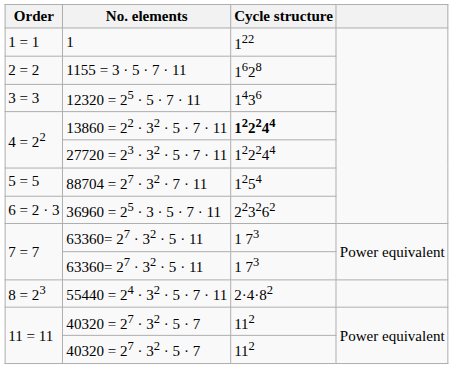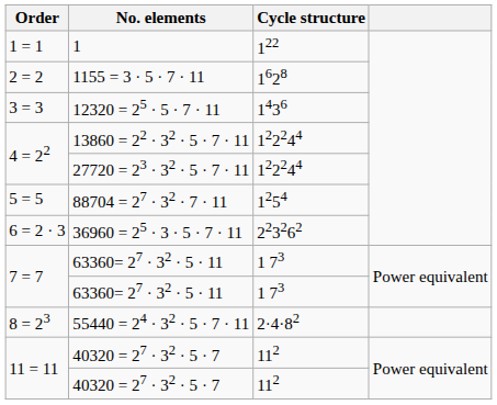 <table class="wikitable" style="margin: 1em auto;">
 <tr>
 <th>Order</th>
 <th>No. elements</th>
 <th>Cycle structure</th>
 <th></th>
 </tr>
 <tr>
 <td>1 = 1</td>
 <td>1</td>
 <td>1<sup>22</sup></td>
 </tr>
 <tr>
 <td>2 = 2</td>
 <td>1155 = 3 · 5 · 7 · 11</td>
 <td>1<sup>6</sup>2<sup>8</sup></td>
 </tr>
 <tr>
 <td>3 = 3</td>
 <td>12320 = 2<sup>5</sup> · 5 · 7 · 11</td>
 <td>1<sup>4</sup>3<sup>6</sup></td>
 </tr>
 <tr>
 <td rowspan="2">4 = 2<sup>2</sup></td>
 <td>13860 = 2<sup>2</sup> · 3<sup>2</sup> · 5 · 7 · 11</td>
-<td><strong>1<sup>2</sup>2<sup>2</sup>4<sup>4</sup></strong></td>
+<td>1<sup>2</sup>2<sup>2</sup>4<sup>4</sup></td>
 </tr>
 <tr>
 <td>27720 = 2<sup>3</sup> · 3<sup>2</sup> · 5 · 7 · 11</td>
 <td>1<sup>2</sup>2<sup>2</sup>4<sup>4</sup></td>
 </tr>
 <tr>
 <td>5 = 5</td>
 <td>88704 = 2<sup>7</sup> · 3<sup>2</sup> · 7 · 11</td>
 <td>1<sup>2</sup>5<sup>4</sup></td>
 </tr>
 <tr>
 <td>6 = 2 · 3</td>
 <td>36960 = 2<sup>5</sup> · 3 · 5 · 7 · 11</td>
 <td>2<sup>2</sup>3<sup>2</sup>6<sup>2</sup></td>
 </tr>
 <tr>
 <td rowspan="2">7 = 7</td>
 <td>63360= 2<sup>7</sup> · 3<sup>2</sup> · 5 · 11</td>
 <td>1 7<sup>3</sup></td>
 <td rowspan="2">Power equivalent</td>
 </tr>
 <tr>
 <td>63360= 2<sup>7</sup> · 3<sup>2</sup> · 5 · 11</td>
 <td>1 7<sup>3</sup></td>
 </tr>
 <tr>
 <td>8 = 2<sup>3</sup></td>
 <td>55440 = 2<sup>4</sup> · 3<sup>2</sup> · 5 · 7 · 11</td>
 <td>2·4·8<sup>2</sup></td>
 </tr>
 <tr>
 <td rowspan="2">11 = 11</td>
 <td>40320 = 2<sup>7</sup> · 3<sup>2</sup> · 5 · 7</td>
 <td>11<sup>2</sup></td>
 <td rowspan="2">Power equivalent</td>
 </tr>
 <tr>
 <td>40320 = 2<sup>7</sup> · 3<sup>2</sup> · 5 · 7</td>
 <td>11<sup>2</sup></td>
 </tr>
 </table>
